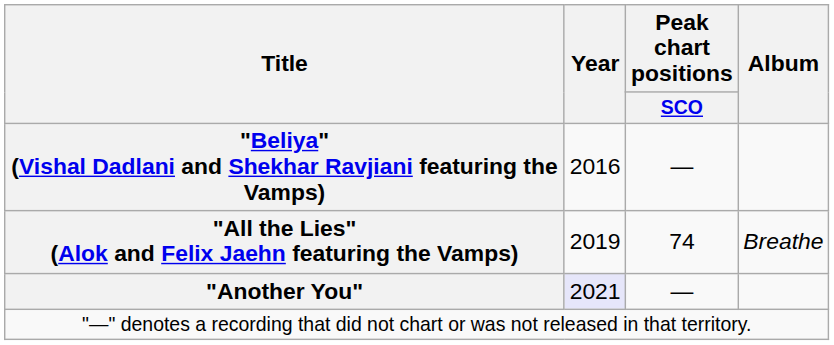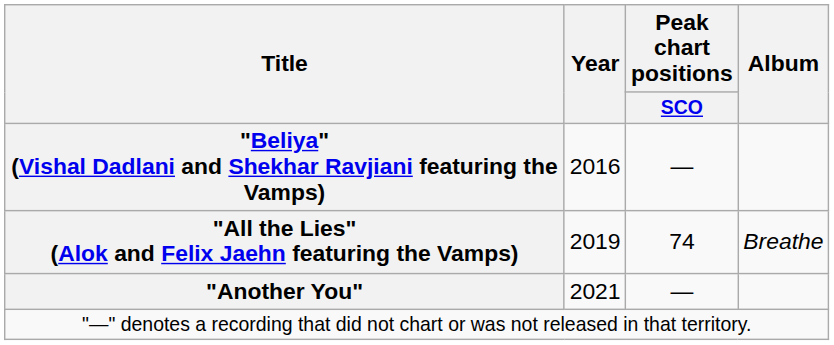 <table class="wikitable plainrowheaders" style="text-align:center;">
 <tr>
 <th scope="col" rowspan="2" style="width:24em;">Title</th>
 <th scope="col" rowspan="2" style="width:1em;">Year</th>
 <th scope="col" colspan="1">Peak chart positions</th>
 <th scope="col" rowspan="2">Album</th>
 </tr>
 <tr>
 <th scope="col" style="width:3em;font-size:85%;"><a href='#'>SCO</a><br></th>
 </tr>
 <tr>
 <th scope="row">"<a href='#'>Beliya</a>"<br><span>(<a href='#'>Vishal Dadlani</a> and <a href='#'>Shekhar Ravjiani</a> featuring the Vamps)</span></th>
 <td>2016</td>
 <td>—</td>
 <td></td>
 </tr>
 <tr>
 <th scope="row">"All the Lies" <br><span>(<a href='#'>Alok</a> and <a href='#'>Felix Jaehn</a> featuring the Vamps)</span></th>
 <td>2019</td>
 <td>74</td>
 <td><em>Breathe</em></td>
 </tr>
 <tr>
 <th scope="row">"Another You"<br></th>
-<td style="background: lavender;">2021</td>
+<td>2021</td>
 <td>—</td>
 <td></td>
 </tr>
 <tr>
 <td colspan="20" style="text-align:center; font-size:85%;">"—" denotes a recording that did not chart or was not released in that territory.</td>
 </tr>
 </table>
